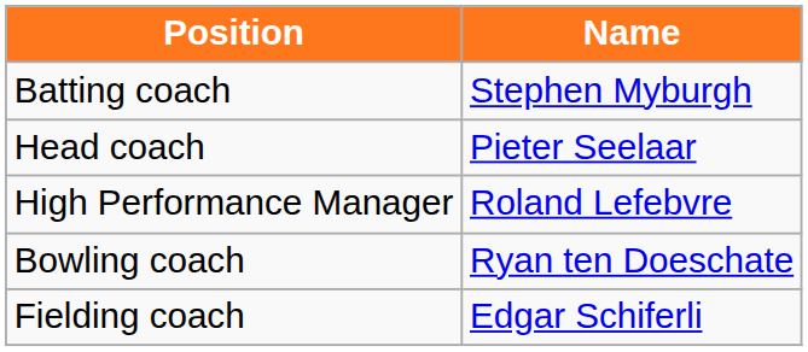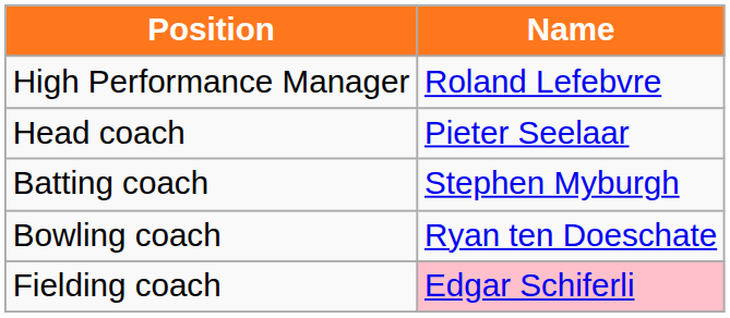 <table class="wikitable">
 <tr>
 <th style="background:#FF771D; color:white; text-align:center;">Position</th>
 <th style="background:#FF771D; color:white; text-align:center;">Name</th>
 </tr>
 <tr>
-<td>Batting coach</td>
-<td><a href='#'>Stephen Myburgh</a></td>
+<td>High Performance Manager</td>
+<td><a href='#'>Roland Lefebvre</a></td>
 </tr>
 <tr>
 <td>Head coach</td>
 <td><a href='#'>Pieter Seelaar</a></td>
 </tr>
 <tr>
-<td>High Performance Manager</td>
-<td><a href='#'>Roland Lefebvre</a></td>
+<td>Batting coach</td>
+<td><a href='#'>Stephen Myburgh</a></td>
 </tr>
 <tr>
 <td>Bowling coach</td>
 <td><a href='#'>Ryan ten Doeschate</a></td>
 </tr>
 <tr>
 <td>Fielding coach</td>
-<td><a href='#'>Edgar Schiferli</a></td>
+<td style="background: pink;"><a href='#'>Edgar Schiferli</a></td>
 </tr>
 </table>
